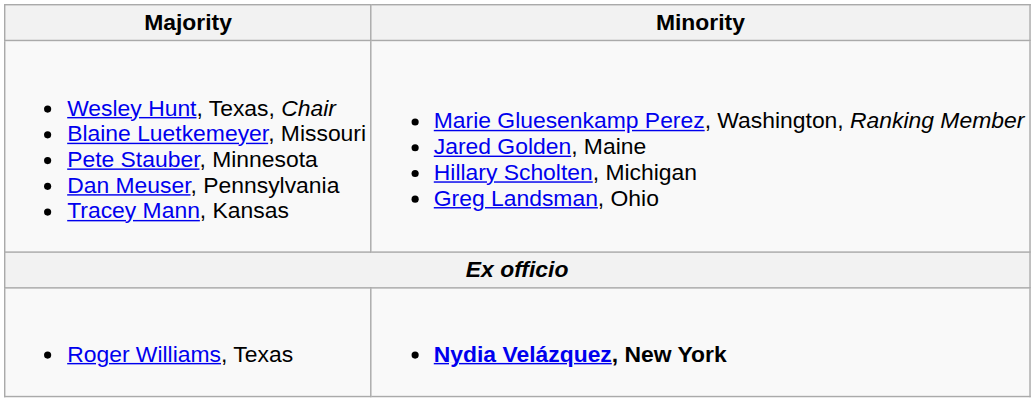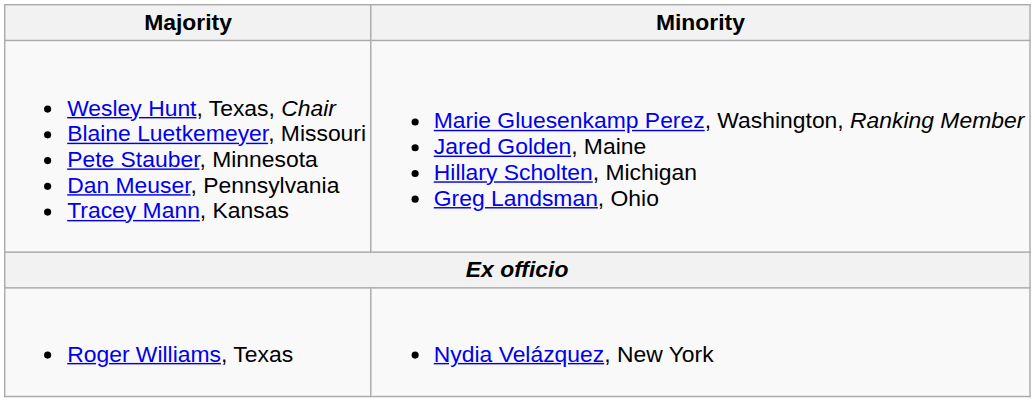 <table class=wikitable>
 <tr>
 <th>Majority</th>
 <th>Minority</th>
 </tr>
 <tr>
 <td><br><ul><li><a href='#'>Wesley Hunt</a>, Texas, <em>Chair</em></li><li><a href='#'>Blaine Luetkemeyer</a>, Missouri</li><li><a href='#'>Pete Stauber</a>, Minnesota</li><li><a href='#'>Dan Meuser</a>, Pennsylvania</li><li><a href='#'>Tracey Mann</a>, Kansas</li></ul></td>
 <td><br><ul><li><a href='#'>Marie Gluesenkamp Perez</a>, Washington, <em>Ranking Member</em></li><li><a href='#'>Jared Golden</a>, Maine</li><li><a href='#'>Hillary Scholten</a>, Michigan</li><li><a href='#'>Greg Landsman</a>, Ohio</li></ul></td>
 </tr>
 <tr>
 <th colspan=2><em>Ex officio</em></th>
 </tr>
 <tr>
 <td><br><ul><li><a href='#'>Roger Williams</a>, Texas</li></ul></td>
-<td><strong><br><ul><li><a href='#'>Nydia Velázquez</a>, New York</li></ul></strong></td>
+<td><br><ul><li><a href='#'>Nydia Velázquez</a>, New York</li></ul></td>
 </tr>
 </table>
